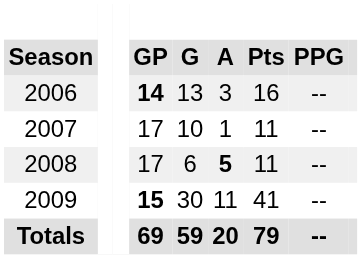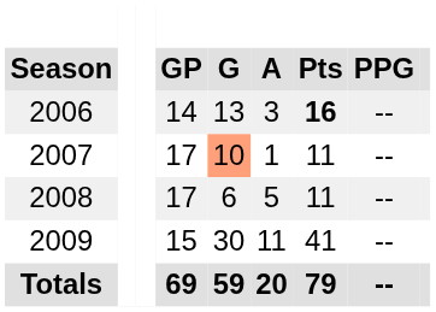 <table BORDER="0" CELLPADDING="3" CELLSPACING="0">
 <tr ALIGN="center" bgcolor="#e0e0e0">
 <th colspan="1" bgcolor="#ffffff"> </th>
 <th rowspan="99" bgcolor="#ffffff"> </th>
 <th rowspan="99" bgcolor="#ffffff"> </th>
 </tr>
 <tr ALIGN="center" bgcolor="#e0e0e0">
 <th>Season</th>
 <th>GP</th>
 <th>G</th>
 <th>A</th>
 <th>Pts</th>
 <th>PPG</th>
 <th></th>
 </tr>
 <tr ALIGN="center" bgcolor="#f0f0f0">
 <td>2006</td>
-<td><strong>14</strong></td>
+<td>14</td>
 <td>13</td>
 <td>3</td>
-<td>16</td>
+<td><strong>16</strong></td>
 <td>--</td>
 <td></td>
 </tr>
 <tr ALIGN="center">
 <td>2007</td>
 <td>17</td>
-<td>10</td>
+<td style="background: lightsalmon;">10</td>
 <td>1</td>
 <td>11</td>
 <td>--</td>
 <td></td>
 </tr>
 <tr ALIGN="center" bgcolor="#f0f0f0">
 <td>2008</td>
 <td>17</td>
 <td>6</td>
-<td><strong>5</strong></td>
+<td>5</td>
 <td>11</td>
 <td>--</td>
 <td></td>
 </tr>
 <tr ALIGN="center">
 <td>2009</td>
-<td><strong>15</strong></td>
+<td>15</td>
 <td>30</td>
 <td>11</td>
 <td>41</td>
 <td>--</td>
 <td></td>
 </tr>
 <tr ALIGN="center" bgcolor="#e0e0e0">
 <th colspan="1.5">Totals</th>
 <th>69</th>
 <th>59</th>
 <th>20</th>
 <th>79</th>
 <th>--</th>
 <th></th>
 </tr>
 </table>
